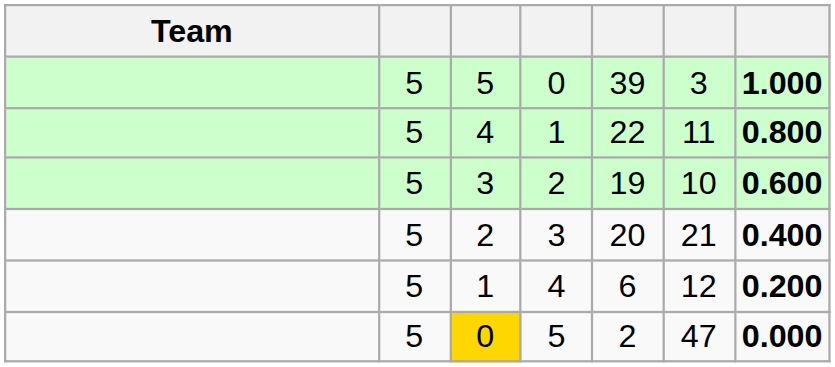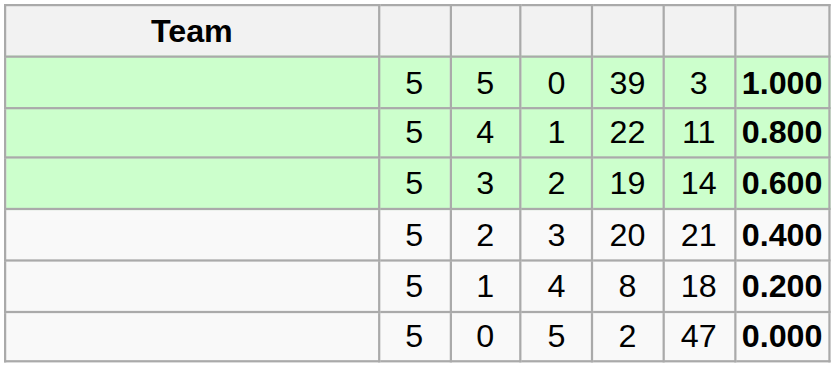 <table class="wikitable" style="text-align: center; font-size:90%">
 <tr>
 <th width=160>Team</th>
 <th width=25></th>
 <th width=25></th>
 <th width=25></th>
 <th width=25></th>
 <th width=25></th>
 <th width=35></th>
 </tr>
 <tr bgcolor=#ccffcc>
 <td align=left></td>
 <td>5</td>
 <td>5</td>
 <td>0</td>
 <td>39</td>
 <td>3</td>
 <td><strong>1.000</strong></td>
 </tr>
 <tr bgcolor=#ccffcc>
 <td align=left></td>
 <td>5</td>
 <td>4</td>
 <td>1</td>
 <td>22</td>
 <td>11</td>
 <td><strong>0.800</strong></td>
 </tr>
 <tr bgcolor=#ccffcc>
 <td align=left></td>
 <td>5</td>
 <td>3</td>
 <td>2</td>
 <td>19</td>
-<td>10</td>
+<td>14</td>
 <td><strong>0.600</strong></td>
 </tr>
 <tr>
 <td align=left></td>
 <td>5</td>
 <td>2</td>
 <td>3</td>
 <td>20</td>
 <td>21</td>
 <td><strong>0.400</strong></td>
 </tr>
 <tr>
 <td align=left></td>
 <td>5</td>
 <td>1</td>
 <td>4</td>
-<td>6</td>
-<td>12</td>
+<td>8</td>
+<td>18</td>
 <td><strong>0.200</strong></td>
 </tr>
 <tr>
 <td align=left></td>
 <td>5</td>
-<td style="background: gold;">0</td>
+<td>0</td>
 <td>5</td>
 <td>2</td>
 <td>47</td>
 <td><strong>0.000</strong></td>
 </tr>
 </table>
